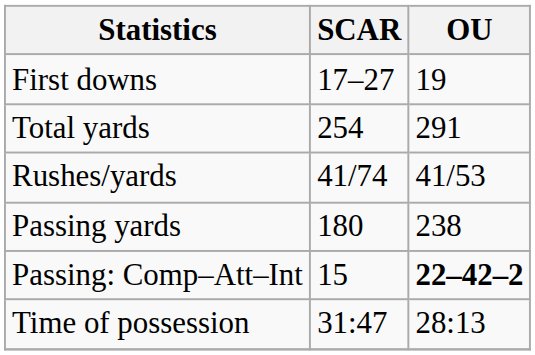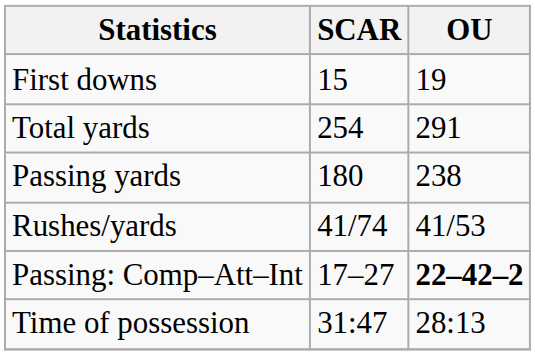 <table class="wikitable" style="float: left;">
 <tr>
 <th>Statistics</th>
 <th>SCAR</th>
 <th>OU</th>
 </tr>
 <tr>
 <td>First downs</td>
-<td>17–27</td>
+<td>15</td>
 <td>19</td>
 </tr>
 <tr>
 <td>Total yards</td>
 <td>254</td>
 <td>291</td>
 </tr>
 <tr>
+<td>Passing yards</td>
+<td>180</td>
+<td>238</td>
+</tr>
+<tr>
 <td>Rushes/yards</td>
 <td>41/74</td>
 <td>41/53</td>
 </tr>
 <tr>
-<td>Passing yards</td>
-<td>180</td>
-<td>238</td>
-</tr>
-<tr>
 <td>Passing: Comp–Att–Int</td>
-<td>15</td>
+<td>17–27</td>
 <td><strong>22–42–2</strong></td>
 </tr>
 <tr>
 <td>Time of possession</td>
 <td>31:47</td>
 <td>28:13</td>
 </tr>
 <tr>
 </tr>
 </table>
